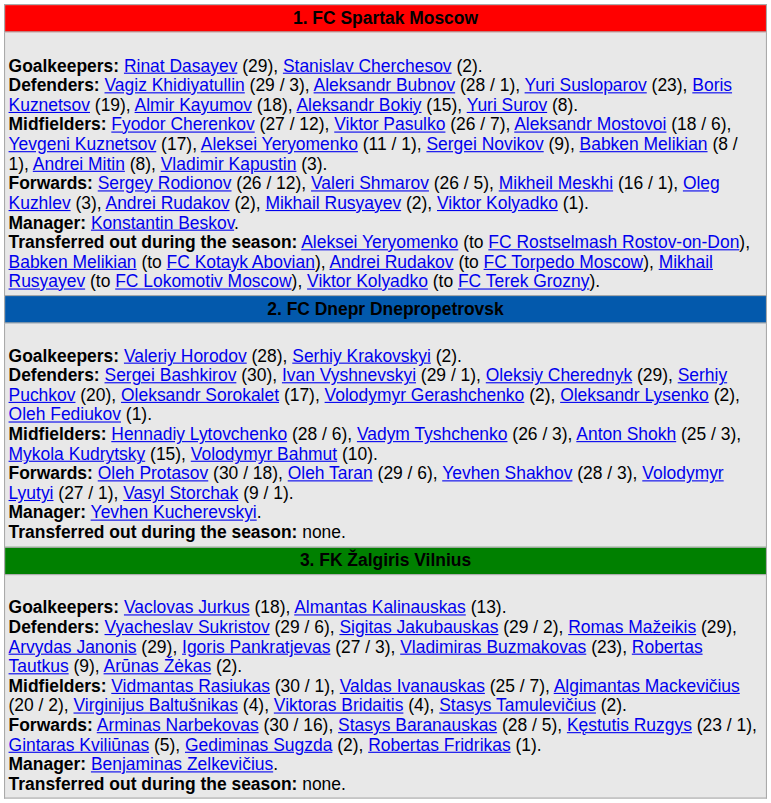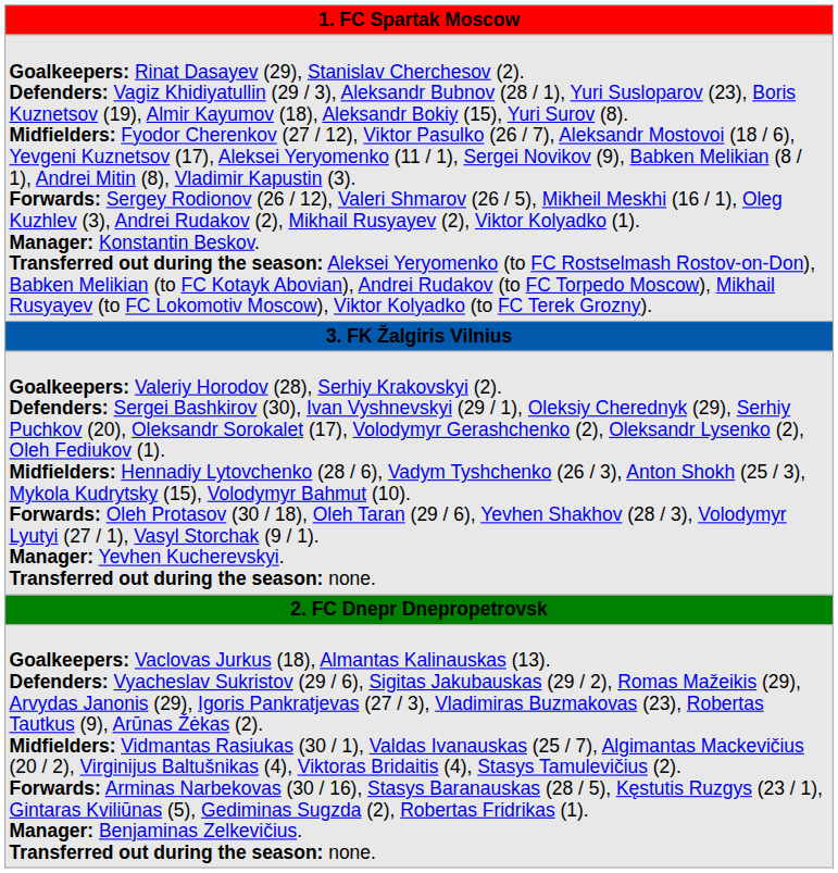 <table class="wikitable" Width="700">
 <tr bgcolor="#FF0000">
 <td align="center" width="700"><span> <strong>1. FC Spartak Moscow</strong> </span></td>
 </tr>
 <tr bgcolor="#E8E8E8">
 <td align="left" width="700"><br><strong>Goalkeepers:</strong> <a href='#'>Rinat Dasayev</a> (29), <a href='#'>Stanislav Cherchesov</a> (2).<br> <strong>Defenders:</strong> <a href='#'>Vagiz Khidiyatullin</a> (29 / 3), <a href='#'>Aleksandr Bubnov</a> (28 / 1), <a href='#'>Yuri Susloparov</a> (23), <a href='#'>Boris Kuznetsov</a> (19), <a href='#'>Almir Kayumov</a> (18), <a href='#'>Aleksandr Bokiy</a> (15), <a href='#'>Yuri Surov</a> (8).<br> <strong>Midfielders:</strong> <a href='#'>Fyodor Cherenkov</a> (27 / 12), <a href='#'>Viktor Pasulko</a> (26 / 7), <a href='#'>Aleksandr Mostovoi</a> (18 / 6), <a href='#'>Yevgeni Kuznetsov</a> (17), <a href='#'>Aleksei Yeryomenko</a> (11 / 1), <a href='#'>Sergei Novikov</a> (9), <a href='#'>Babken Melikian</a> (8 / 1), <a href='#'>Andrei Mitin</a> (8), <a href='#'>Vladimir Kapustin</a> (3).<br> <strong>Forwards:</strong> <a href='#'>Sergey Rodionov</a> (26 / 12), <a href='#'>Valeri Shmarov</a> (26 / 5), <a href='#'>Mikheil Meskhi</a> (16 / 1), <a href='#'>Oleg Kuzhlev</a> (3), <a href='#'>Andrei Rudakov</a> (2), <a href='#'>Mikhail Rusyayev</a> (2), <a href='#'>Viktor Kolyadko</a> (1).<br><strong>Manager:</strong> <a href='#'>Konstantin Beskov</a>.<br><strong>Transferred out during the season:</strong> <a href='#'>Aleksei Yeryomenko</a> (to <a href='#'>FC Rostselmash Rostov-on-Don</a>), <a href='#'>Babken Melikian</a> (to <a href='#'>FC Kotayk Abovian</a>), <a href='#'>Andrei Rudakov</a> (to <a href='#'>FC Torpedo Moscow</a>), <a href='#'>Mikhail Rusyayev</a> (to <a href='#'>FC Lokomotiv Moscow</a>), <a href='#'>Viktor Kolyadko</a> (to <a href='#'>FC Terek Grozny</a>).</td>
 </tr>
 <tr bgcolor="#0359ac">
-<td align="center" width="700"><span> <strong>2. FC Dnepr Dnepropetrovsk</strong> </span></td>
+<td align="center" width="700"><span> <strong>3. FK Žalgiris Vilnius</strong> </span></td>
 </tr>
 <tr bgcolor="#E8E8E8">
 <td align="left" width="700"><br><strong>Goalkeepers:</strong> <a href='#'>Valeriy Horodov</a> (28), <a href='#'>Serhiy Krakovskyi</a> (2).<br> <strong>Defenders:</strong> <a href='#'>Sergei Bashkirov</a> (30), <a href='#'>Ivan Vyshnevskyi</a> (29 / 1), <a href='#'>Oleksiy Cherednyk</a> (29), <a href='#'>Serhiy Puchkov</a> (20), <a href='#'>Oleksandr Sorokalet</a> (17), <a href='#'>Volodymyr Gerashchenko</a> (2), <a href='#'>Oleksandr Lysenko</a> (2), <a href='#'>Oleh Fediukov</a> (1).<br> <strong>Midfielders:</strong> <a href='#'>Hennadiy Lytovchenko</a> (28 / 6), <a href='#'>Vadym Tyshchenko</a> (26 / 3), <a href='#'>Anton Shokh</a> (25 / 3), <a href='#'>Mykola Kudrytsky</a> (15), <a href='#'>Volodymyr Bahmut</a> (10).<br> <strong>Forwards:</strong> <a href='#'>Oleh Protasov</a> (30 / 18), <a href='#'>Oleh Taran</a> (29 / 6), <a href='#'>Yevhen Shakhov</a> (28 / 3), <a href='#'>Volodymyr Lyutyi</a> (27 / 1), <a href='#'>Vasyl Storchak</a> (9 / 1).<br><strong>Manager:</strong> <a href='#'>Yevhen Kucherevskyi</a>.<br><strong>Transferred out during the season:</strong> none.</td>
 </tr>
 <tr bgcolor="#008000">
-<td align="center" width="700"><span> <strong>3. FK Žalgiris Vilnius</strong> </span></td>
+<td align="center" width="700"><span> <strong>2. FC Dnepr Dnepropetrovsk</strong> </span></td>
 </tr>
 <tr bgcolor="#E8E8E8">
 <td align="left" width="700"><br><strong>Goalkeepers:</strong> <a href='#'>Vaclovas Jurkus</a> (18), <a href='#'>Almantas Kalinauskas</a> (13).<br> <strong>Defenders:</strong> <a href='#'>Vyacheslav Sukristov</a> (29 / 6), <a href='#'>Sigitas Jakubauskas</a> (29 / 2), <a href='#'>Romas Mažeikis</a> (29), <a href='#'>Arvydas Janonis</a> (29), <a href='#'>Igoris Pankratjevas</a> (27 / 3), <a href='#'>Vladimiras Buzmakovas</a> (23), <a href='#'>Robertas Tautkus</a> (9), <a href='#'>Arūnas Žėkas</a> (2).<br> <strong>Midfielders:</strong> <a href='#'>Vidmantas Rasiukas</a> (30 / 1), <a href='#'>Valdas Ivanauskas</a> (25 / 7), <a href='#'>Algimantas Mackevičius</a> (20 / 2), <a href='#'>Virginijus Baltušnikas</a> (4), <a href='#'>Viktoras Bridaitis</a> (4), <a href='#'>Stasys Tamulevičius</a> (2).<br> <strong>Forwards:</strong> <a href='#'>Arminas Narbekovas</a> (30 / 16), <a href='#'>Stasys Baranauskas</a> (28 / 5), <a href='#'>Kęstutis Ruzgys</a> (23 / 1), <a href='#'>Gintaras Kviliūnas</a> (5), <a href='#'>Gediminas Sugzda</a> (2), <a href='#'>Robertas Fridrikas</a> (1).<br><strong>Manager:</strong> <a href='#'>Benjaminas Zelkevičius</a>.<br><strong>Transferred out during the season:</strong> none.</td>
 </tr>
 </table>
